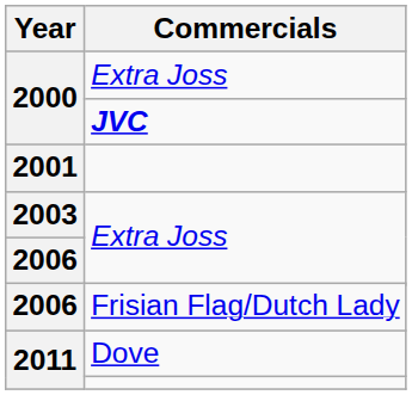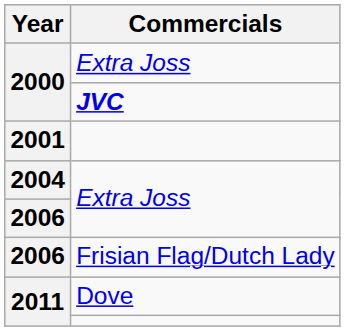 <table class="wikitable">
 <tr>
 <th>Year</th>
 <th>Commercials</th>
 </tr>
 <tr>
 <th rowspan="2">2000</th>
 <td><em><a href='#'>Extra Joss</a></em></td>
 </tr>
 <tr>
 <td><strong><em><a href='#'>JVC</a></em></strong></td>
 </tr>
 <tr>
 <th>2001</th>
 <td></td>
 </tr>
 <tr>
-<th>2003</th>
+<th>2004</th>
 <td rowspan="3"><em><a href='#'>Extra Joss</a></em></td>
 </tr>
 <tr>
 <th>2006</th>
 </tr>
 <tr>
 <th rowspan="2">2006</th>
 </tr>
 <tr>
 <td><a href='#'>Frisian Flag/Dutch Lady</a></td>
 </tr>
 <tr>
 <th rowspan="2">2011</th>
 <td><a href='#'>Dove</a></td>
 </tr>
 <tr>
 <td></td>
 </tr>
 </table>
